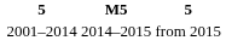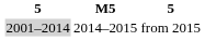 <table>
 <tr>
 <td align="center"><div><div></div><div><strong>5</strong></div></div></td>
 <td align="center"><div><div></div><div><strong>M5</strong></div></div></td>
 <td align="center"><div><div></div><div><strong>5</strong></div></div></td>
 </tr>
 <tr>
-<td>2001–2014</td>
+<td style="background: lightgrey;">2001–2014</td>
 <td>2014–2015</td>
 <td>from 2015</td>
 </tr>
 </table>
